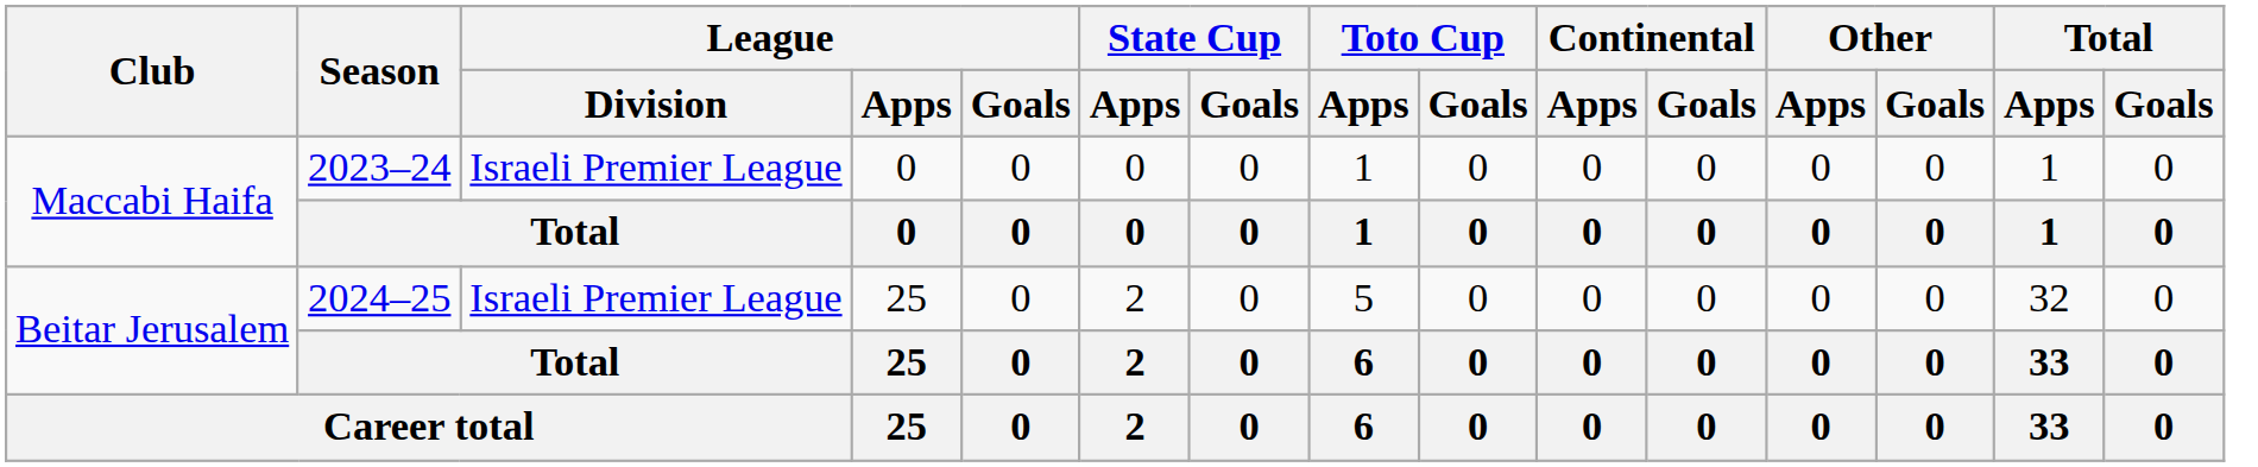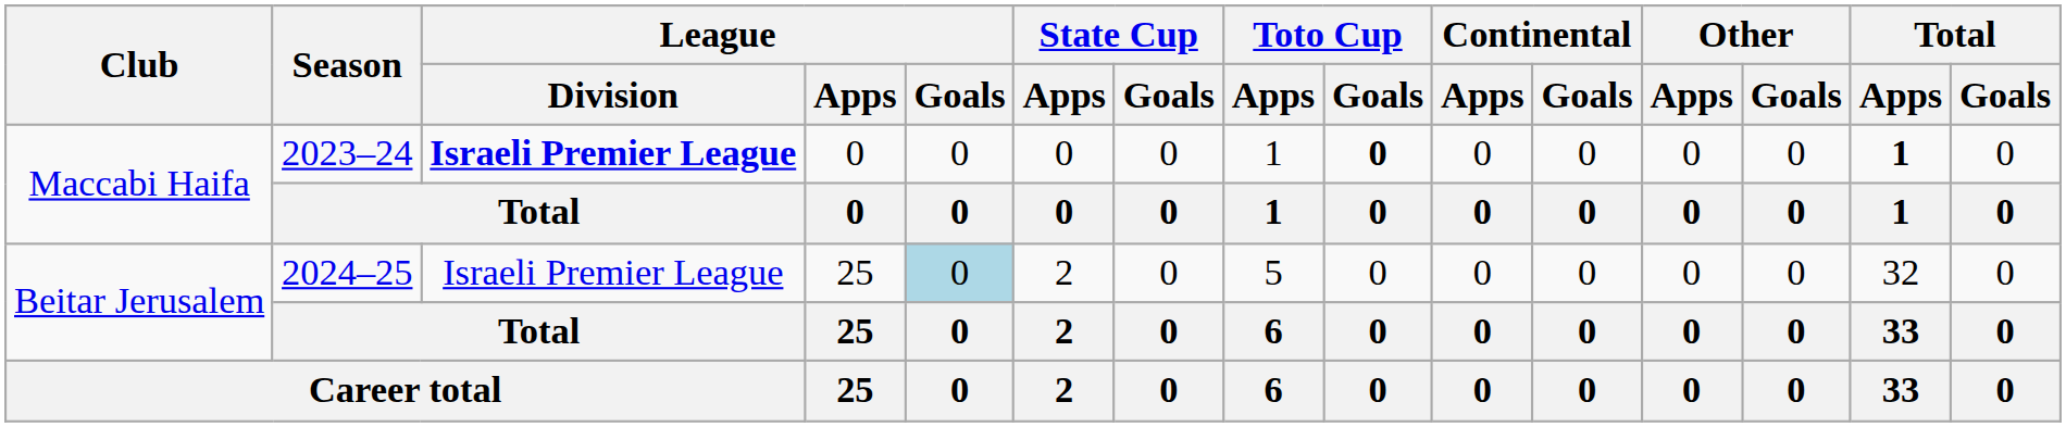 <table class="wikitable" style="text-align: center">
 <tr>
 <th rowspan="2">Club</th>
 <th rowspan="2">Season</th>
 <th colspan="3">League</th>
 <th colspan="2"><a href='#'>State Cup</a></th>
 <th colspan="2"><a href='#'>Toto Cup</a></th>
 <th colspan="2">Continental</th>
 <th colspan="2">Other</th>
 <th colspan="2">Total</th>
 </tr>
 <tr>
 <th>Division</th>
 <th>Apps</th>
 <th>Goals</th>
 <th>Apps</th>
 <th>Goals</th>
 <th>Apps</th>
 <th>Goals</th>
 <th>Apps</th>
 <th>Goals</th>
 <th>Apps</th>
 <th>Goals</th>
 <th>Apps</th>
 <th>Goals</th>
 </tr>
 <tr>
 <td rowspan="2"><a href='#'>Maccabi Haifa</a></td>
 <td><a href='#'>2023–24</a></td>
-<td rowspan="1"><a href='#'>Israeli Premier League</a></td>
+<td rowspan="1"><strong><a href='#'>Israeli Premier League</a></strong></td>
 <td>0</td>
 <td>0</td>
 <td>0</td>
 <td>0</td>
 <td>1</td>
+<td><strong>0</strong></td>
 <td>0</td>
 <td>0</td>
 <td>0</td>
 <td>0</td>
-<td>0</td>
-<td>1</td>
+<td><strong>1</strong></td>
 <td>0</td>
 </tr>
 <tr>
 <th colspan="2"><strong>Total</strong></th>
 <th>0</th>
 <th>0</th>
 <th>0</th>
 <th>0</th>
 <th>1</th>
 <th>0</th>
 <th>0</th>
 <th>0</th>
 <th>0</th>
 <th>0</th>
 <th>1</th>
 <th>0</th>
 </tr>
 <tr>
 <td rowspan="2"><a href='#'>Beitar Jerusalem</a></td>
 <td><a href='#'>2024–25</a></td>
 <td rowspan="1"><a href='#'>Israeli Premier League</a></td>
 <td>25</td>
-<td>0</td>
+<td style="background: lightblue;">0</td>
 <td>2</td>
 <td>0</td>
 <td>5</td>
 <td>0</td>
 <td>0</td>
 <td>0</td>
 <td>0</td>
 <td>0</td>
 <td>32</td>
 <td>0</td>
 </tr>
 <tr>
 <th colspan="2"><strong>Total</strong></th>
 <th>25</th>
 <th>0</th>
 <th>2</th>
 <th>0</th>
 <th>6</th>
 <th>0</th>
 <th>0</th>
 <th>0</th>
 <th>0</th>
 <th>0</th>
 <th>33</th>
 <th>0</th>
 </tr>
 <tr>
 <th colspan="3"><strong>Career total</strong></th>
 <th>25</th>
 <th>0</th>
 <th>2</th>
 <th>0</th>
 <th>6</th>
 <th>0</th>
 <th>0</th>
 <th>0</th>
 <th>0</th>
 <th>0</th>
 <th>33</th>
 <th>0</th>
 </tr>
 </table>
